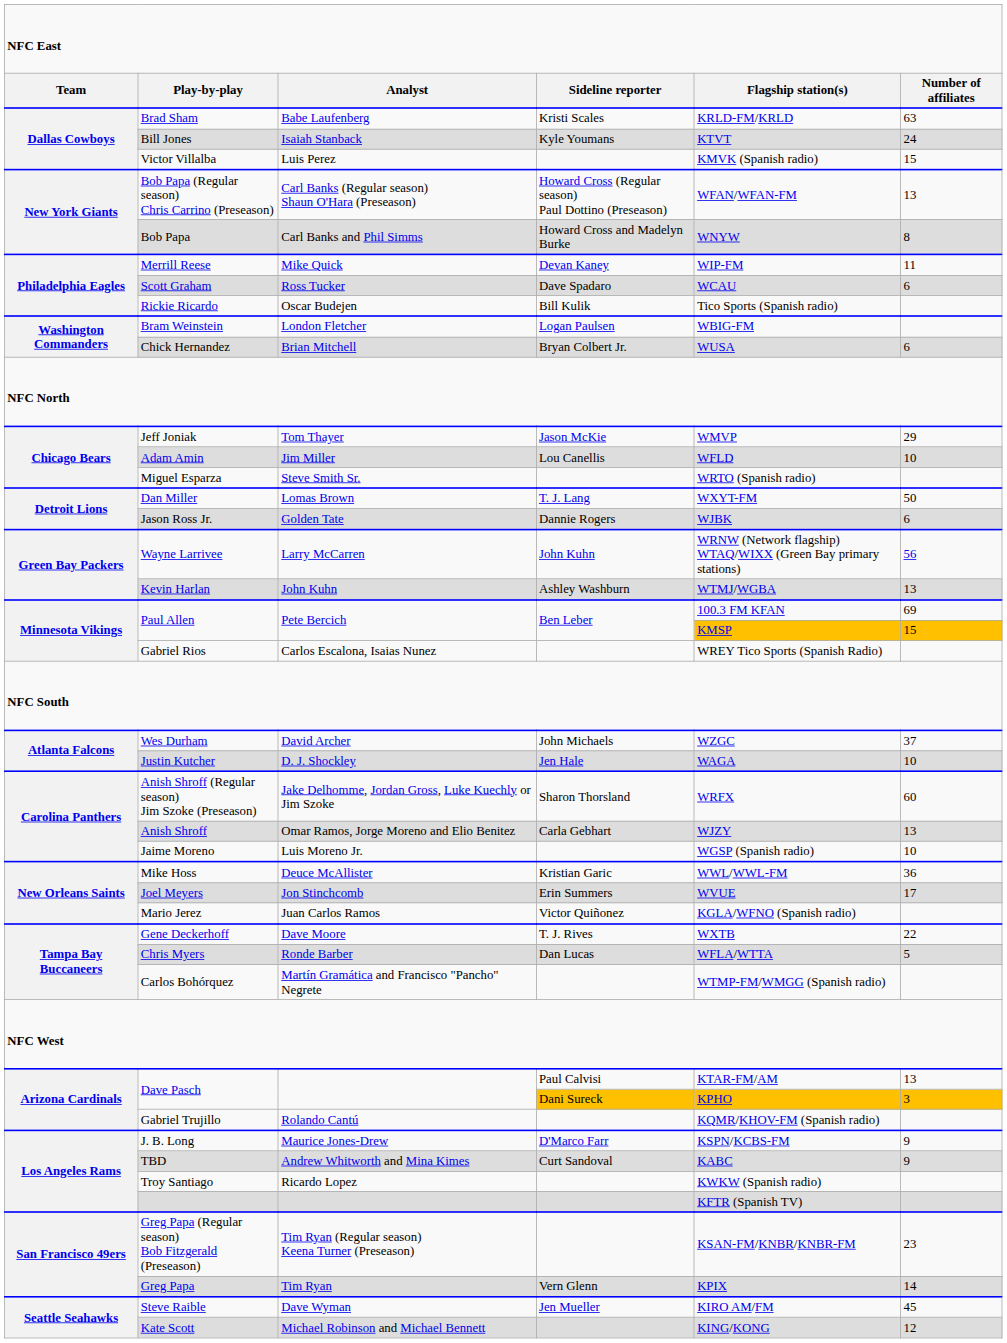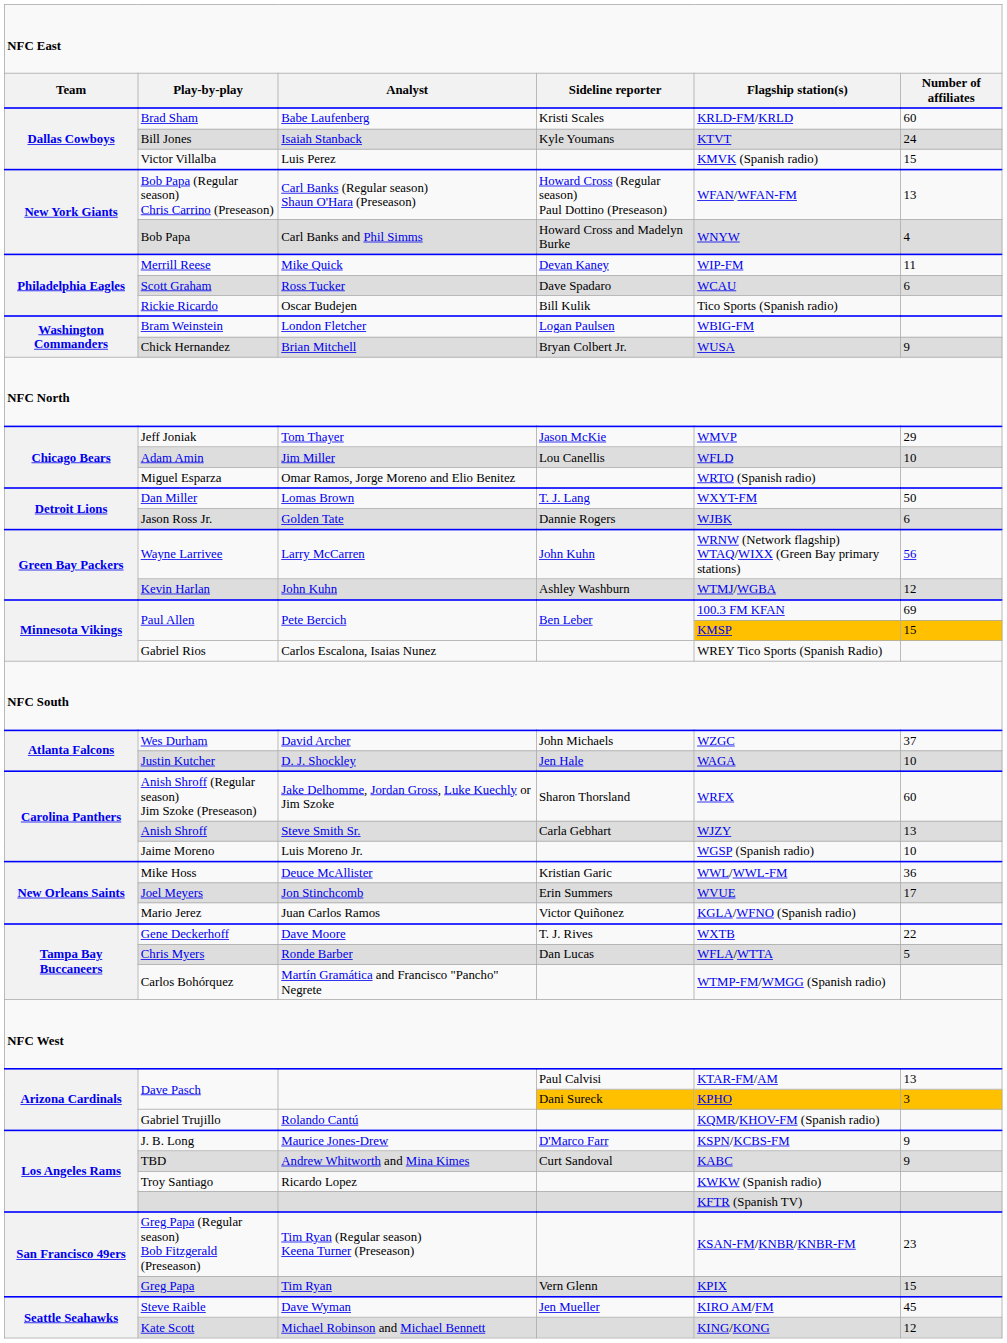 <table class="wikitable">
 <tr>
 <td colspan="7" style="text-align:left;"><br><h4>NFC East</h4></td>
 </tr>
 <tr>
 <th>Team</th>
 <th>Play-by-play</th>
 <th>Analyst</th>
 <th>Sideline reporter</th>
 <th>Flagship station(s)</th>
 <th>Number of affiliates</th>
 </tr>
 <tr style="border-top:2px solid blue">
 <th scope="row" rowspan="3"><a href='#'>Dallas Cowboys</a></th>
 <td><a href='#'>Brad Sham</a></td>
 <td><a href='#'>Babe Laufenberg</a></td>
 <td>Kristi Scales</td>
 <td><a href='#'>KRLD-FM</a>/<a href='#'>KRLD</a></td>
-<td>63</td>
+<td>60</td>
 </tr>
 <tr style="background:#ddd;">
 <td>Bill Jones</td>
 <td><a href='#'>Isaiah Stanback</a></td>
 <td>Kyle Youmans</td>
 <td><a href='#'>KTVT</a></td>
 <td>24</td>
 </tr>
 <tr>
 <td>Victor Villalba</td>
 <td>Luis Perez</td>
 <td></td>
 <td><a href='#'>KMVK</a> (Spanish radio)</td>
 <td>15</td>
 </tr>
 <tr style="border-top:2px solid blue">
 <th scope="row" rowspan="2"><a href='#'>New York Giants</a></th>
 <td><a href='#'>Bob Papa</a> (Regular season)<br><a href='#'>Chris Carrino</a> (Preseason)</td>
 <td><a href='#'>Carl Banks</a> (Regular season)<br><a href='#'>Shaun O'Hara</a> (Preseason)</td>
 <td><a href='#'>Howard Cross</a> (Regular season)<br>Paul Dottino (Preseason)</td>
 <td><a href='#'>WFAN</a>/<a href='#'>WFAN-FM</a></td>
 <td>13</td>
 </tr>
 <tr style="background:#ddd;">
 <td>Bob Papa</td>
 <td>Carl Banks and <a href='#'>Phil Simms</a></td>
 <td>Howard Cross and Madelyn Burke</td>
 <td><a href='#'>WNYW</a></td>
-<td>8</td>
+<td>4</td>
 </tr>
 <tr style="border-top:2px solid blue">
 <th scope="row" rowspan="3"><a href='#'>Philadelphia Eagles</a></th>
 <td><a href='#'>Merrill Reese</a></td>
 <td><a href='#'>Mike Quick</a></td>
 <td><a href='#'>Devan Kaney</a></td>
 <td><a href='#'>WIP-FM</a></td>
 <td>11</td>
 </tr>
 <tr style="background:#ddd;">
 <td><a href='#'>Scott Graham</a></td>
 <td><a href='#'>Ross Tucker</a></td>
 <td>Dave Spadaro</td>
 <td><a href='#'>WCAU</a></td>
 <td>6</td>
 </tr>
 <tr>
 <td><a href='#'>Rickie Ricardo</a></td>
 <td>Oscar Budejen</td>
 <td>Bill Kulik</td>
 <td>Tico Sports (Spanish radio)</td>
 <td></td>
 </tr>
 <tr style="border-top:2px solid blue">
 <th scope="row" rowspan="2"><a href='#'>Washington Commanders</a></th>
 <td><a href='#'>Bram Weinstein</a></td>
 <td><a href='#'>London Fletcher</a></td>
 <td><a href='#'>Logan Paulsen</a></td>
 <td><a href='#'>WBIG-FM</a></td>
 <td></td>
 </tr>
 <tr style="background:#ddd;">
 <td>Chick Hernandez</td>
 <td><a href='#'>Brian Mitchell</a></td>
 <td>Bryan Colbert Jr.</td>
 <td><a href='#'>WUSA</a></td>
-<td>6</td>
+<td>9</td>
 </tr>
 <tr>
 <td colspan="7" style="text-align:left;"><br><h4>NFC North</h4></td>
 </tr>
 <tr style="border-top:2px solid blue">
 <th scope="row" rowspan="3"><a href='#'>Chicago Bears</a></th>
 <td>Jeff Joniak</td>
 <td><a href='#'>Tom Thayer</a></td>
 <td><a href='#'>Jason McKie</a></td>
 <td><a href='#'>WMVP</a></td>
 <td>29</td>
 </tr>
 <tr style="background:#ddd;">
 <td><a href='#'>Adam Amin</a></td>
 <td><a href='#'>Jim Miller</a></td>
 <td>Lou Canellis</td>
 <td><a href='#'>WFLD</a></td>
 <td>10</td>
 </tr>
 <tr>
 <td>Miguel Esparza</td>
-<td><a href='#'>Steve Smith Sr.</a></td>
+<td>Omar Ramos, Jorge Moreno and Elio Benitez</td>
 <td></td>
 <td><a href='#'>WRTO</a> (Spanish radio)</td>
 <td></td>
 </tr>
 <tr style="border-top:2px solid blue">
 <th scope="row" rowspan="2"><a href='#'>Detroit Lions</a></th>
 <td><a href='#'>Dan Miller</a></td>
 <td><a href='#'>Lomas Brown</a></td>
 <td><a href='#'>T. J. Lang</a></td>
 <td><a href='#'>WXYT-FM</a></td>
 <td>50</td>
 </tr>
 <tr style="background:#ddd;">
 <td>Jason Ross Jr.</td>
 <td><a href='#'>Golden Tate</a></td>
 <td>Dannie Rogers</td>
 <td><a href='#'>WJBK</a></td>
 <td>6</td>
 </tr>
 <tr style="border-top:2px solid blue">
 <th scope="row" rowspan="2"><a href='#'>Green Bay Packers</a></th>
 <td><a href='#'>Wayne Larrivee</a></td>
 <td><a href='#'>Larry McCarren</a></td>
 <td><a href='#'>John Kuhn</a></td>
 <td><a href='#'>WRNW</a> (Network flagship)<br><a href='#'>WTAQ</a>/<a href='#'>WIXX</a> (Green Bay primary stations)</td>
 <td><a href='#'>56</a></td>
 </tr>
 <tr style="background:#ddd;">
 <td><a href='#'>Kevin Harlan</a></td>
 <td><a href='#'>John Kuhn</a></td>
 <td>Ashley Washburn</td>
 <td><a href='#'>WTMJ</a>/<a href='#'>WGBA</a></td>
-<td>13</td>
+<td>12</td>
 </tr>
 <tr style="border-top:2px solid blue">
 <th rowspan="3" scope="row"><a href='#'>Minnesota Vikings</a></th>
 <td rowspan="2"><a href='#'>Paul Allen</a></td>
 <td rowspan="2"><a href='#'>Pete Bercich</a></td>
 <td rowspan="2"><a href='#'>Ben Leber</a></td>
 <td><a href='#'>100.3 FM KFAN</a></td>
 <td>69</td>
 </tr>
 <tr style="background:#ffc000;">
 <td><a href='#'>KMSP</a></td>
 <td>15</td>
 </tr>
 <tr>
 <td>Gabriel Rios</td>
 <td>Carlos Escalona, Isaias Nunez</td>
 <td></td>
 <td>WREY Tico Sports (Spanish Radio)</td>
 <td></td>
 </tr>
 <tr>
 <td colspan="7" style="text-align:left;"><br><h4>NFC South</h4></td>
 </tr>
 <tr style="border-top:2px solid blue">
 <th scope="row" rowspan="2"><a href='#'>Atlanta Falcons</a></th>
 <td><a href='#'>Wes Durham</a></td>
 <td><a href='#'>David Archer</a></td>
 <td>John Michaels</td>
 <td><a href='#'>WZGC</a></td>
 <td>37</td>
 </tr>
 <tr style="background:#ddd;">
 <td><a href='#'>Justin Kutcher</a></td>
 <td><a href='#'>D. J. Shockley</a></td>
 <td><a href='#'>Jen Hale</a></td>
 <td><a href='#'>WAGA</a></td>
 <td>10</td>
 </tr>
 <tr style="border-top:2px solid blue">
 <th scope="row" rowspan="3"><a href='#'>Carolina Panthers</a></th>
 <td><a href='#'>Anish Shroff</a> (Regular season)<br>Jim Szoke (Preseason)</td>
 <td><a href='#'>Jake Delhomme</a>, <a href='#'>Jordan Gross</a>, <a href='#'>Luke Kuechly</a> or Jim Szoke</td>
 <td>Sharon Thorsland</td>
 <td><a href='#'>WRFX</a></td>
 <td>60</td>
 </tr>
 <tr style="background:#ddd;">
 <td><a href='#'>Anish Shroff</a></td>
-<td>Omar Ramos, Jorge Moreno and Elio Benitez</td>
+<td><a href='#'>Steve Smith Sr.</a></td>
 <td>Carla Gebhart</td>
 <td><a href='#'>WJZY</a></td>
 <td>13</td>
 </tr>
 <tr>
 <td>Jaime Moreno</td>
 <td>Luis Moreno Jr.</td>
 <td></td>
 <td><a href='#'>WGSP</a> (Spanish radio)</td>
 <td>10</td>
 </tr>
 <tr style="border-top:2px solid blue">
 <th scope="row" rowspan="3"><a href='#'>New Orleans Saints</a></th>
 <td>Mike Hoss</td>
 <td><a href='#'>Deuce McAllister</a></td>
 <td>Kristian Garic</td>
 <td><a href='#'>WWL</a>/<a href='#'>WWL-FM</a></td>
 <td>36</td>
 </tr>
 <tr style="background:#ddd;">
 <td><a href='#'>Joel Meyers</a></td>
 <td><a href='#'>Jon Stinchcomb</a></td>
 <td>Erin Summers</td>
 <td><a href='#'>WVUE</a></td>
 <td>17</td>
 </tr>
 <tr>
 <td>Mario Jerez</td>
 <td>Juan Carlos Ramos</td>
 <td>Victor Quiñonez</td>
 <td><a href='#'>KGLA</a>/<a href='#'>WFNO</a> (Spanish radio)</td>
 <td></td>
 </tr>
 <tr style="border-top:2px solid blue">
 <th scope="row" rowspan="3"><a href='#'>Tampa Bay Buccaneers</a></th>
 <td><a href='#'>Gene Deckerhoff</a></td>
 <td><a href='#'>Dave Moore</a></td>
 <td>T. J. Rives</td>
 <td><a href='#'>WXTB</a></td>
 <td>22</td>
 </tr>
 <tr style="background:#ddd;">
 <td><a href='#'>Chris Myers</a></td>
 <td><a href='#'>Ronde Barber</a></td>
 <td>Dan Lucas</td>
 <td><a href='#'>WFLA</a>/<a href='#'>WTTA</a></td>
 <td>5</td>
 </tr>
 <tr>
 <td>Carlos Bohórquez</td>
 <td><a href='#'>Martín Gramática</a> and Francisco "Pancho" Negrete</td>
 <td></td>
 <td><a href='#'>WTMP-FM</a>/<a href='#'>WMGG</a> (Spanish radio)</td>
 <td></td>
 </tr>
 <tr>
 <td colspan="7" style="text-align:left;"><br><h4>NFC West</h4></td>
 </tr>
 <tr style="border-top:2px solid blue">
 <th scope="row" rowspan="3"><a href='#'>Arizona Cardinals</a></th>
 <td rowspan="2"><a href='#'>Dave Pasch</a></td>
 <td rowspan="2"></td>
 <td>Paul Calvisi</td>
 <td><a href='#'>KTAR-FM</a>/<a href='#'>AM</a></td>
 <td>13</td>
 </tr>
 <tr style="background:#ffc000;">
 <td>Dani Sureck</td>
 <td><a href='#'>KPHO</a></td>
 <td>3</td>
 </tr>
 <tr>
 <td>Gabriel Trujillo</td>
 <td><a href='#'>Rolando Cantú</a></td>
 <td></td>
 <td><a href='#'>KQMR</a>/<a href='#'>KHOV-FM</a> (Spanish radio)</td>
 <td></td>
 </tr>
 <tr style="border-top:2px solid blue">
 <th scope="row" rowspan="4"><a href='#'>Los Angeles Rams</a></th>
 <td>J. B. Long</td>
 <td><a href='#'>Maurice Jones-Drew</a></td>
 <td><a href='#'>D'Marco Farr</a></td>
 <td><a href='#'>KSPN</a>/<a href='#'>KCBS-FM</a></td>
 <td>9</td>
 </tr>
 <tr style="background:#ddd;">
 <td>TBD</td>
 <td><a href='#'>Andrew Whitworth</a> and <a href='#'>Mina Kimes</a></td>
 <td>Curt Sandoval</td>
 <td><a href='#'>KABC</a></td>
 <td>9</td>
 </tr>
 <tr>
 <td>Troy Santiago</td>
 <td>Ricardo Lopez</td>
 <td></td>
 <td><a href='#'>KWKW</a> (Spanish radio)</td>
 <td></td>
 </tr>
 <tr style="background:#ddd;">
 <td></td>
 <td></td>
 <td></td>
 <td><a href='#'>KFTR</a> (Spanish TV)</td>
 <td></td>
 </tr>
 <tr style="border-top:2px solid blue">
 <th scope="row" rowspan="2"><a href='#'>San Francisco 49ers</a></th>
 <td><a href='#'>Greg Papa</a> (Regular season)<br><a href='#'>Bob Fitzgerald</a> (Preseason)</td>
 <td><a href='#'>Tim Ryan</a> (Regular season)<br><a href='#'>Keena Turner</a> (Preseason)</td>
 <td></td>
 <td><a href='#'>KSAN-FM</a>/<a href='#'>KNBR</a>/<a href='#'>KNBR-FM</a></td>
 <td>23</td>
 </tr>
 <tr style="background:#ddd;">
 <td><a href='#'>Greg Papa</a></td>
 <td><a href='#'>Tim Ryan</a></td>
 <td>Vern Glenn</td>
 <td><a href='#'>KPIX</a></td>
-<td>14</td>
+<td>15</td>
 </tr>
 <tr style="border-top:2px solid blue">
 <th scope="row" rowspan="2"><a href='#'>Seattle Seahawks</a></th>
 <td><a href='#'>Steve Raible</a></td>
 <td><a href='#'>Dave Wyman</a></td>
 <td><a href='#'>Jen Mueller</a></td>
 <td><a href='#'>KIRO AM</a>/<a href='#'>FM</a></td>
 <td>45</td>
 </tr>
 <tr style="background:#ddd;">
 <td><a href='#'>Kate Scott</a></td>
 <td><a href='#'>Michael Robinson</a> and <a href='#'>Michael Bennett</a></td>
 <td></td>
 <td><a href='#'>KING</a>/<a href='#'>KONG</a></td>
 <td>12</td>
 </tr>
 </table>
